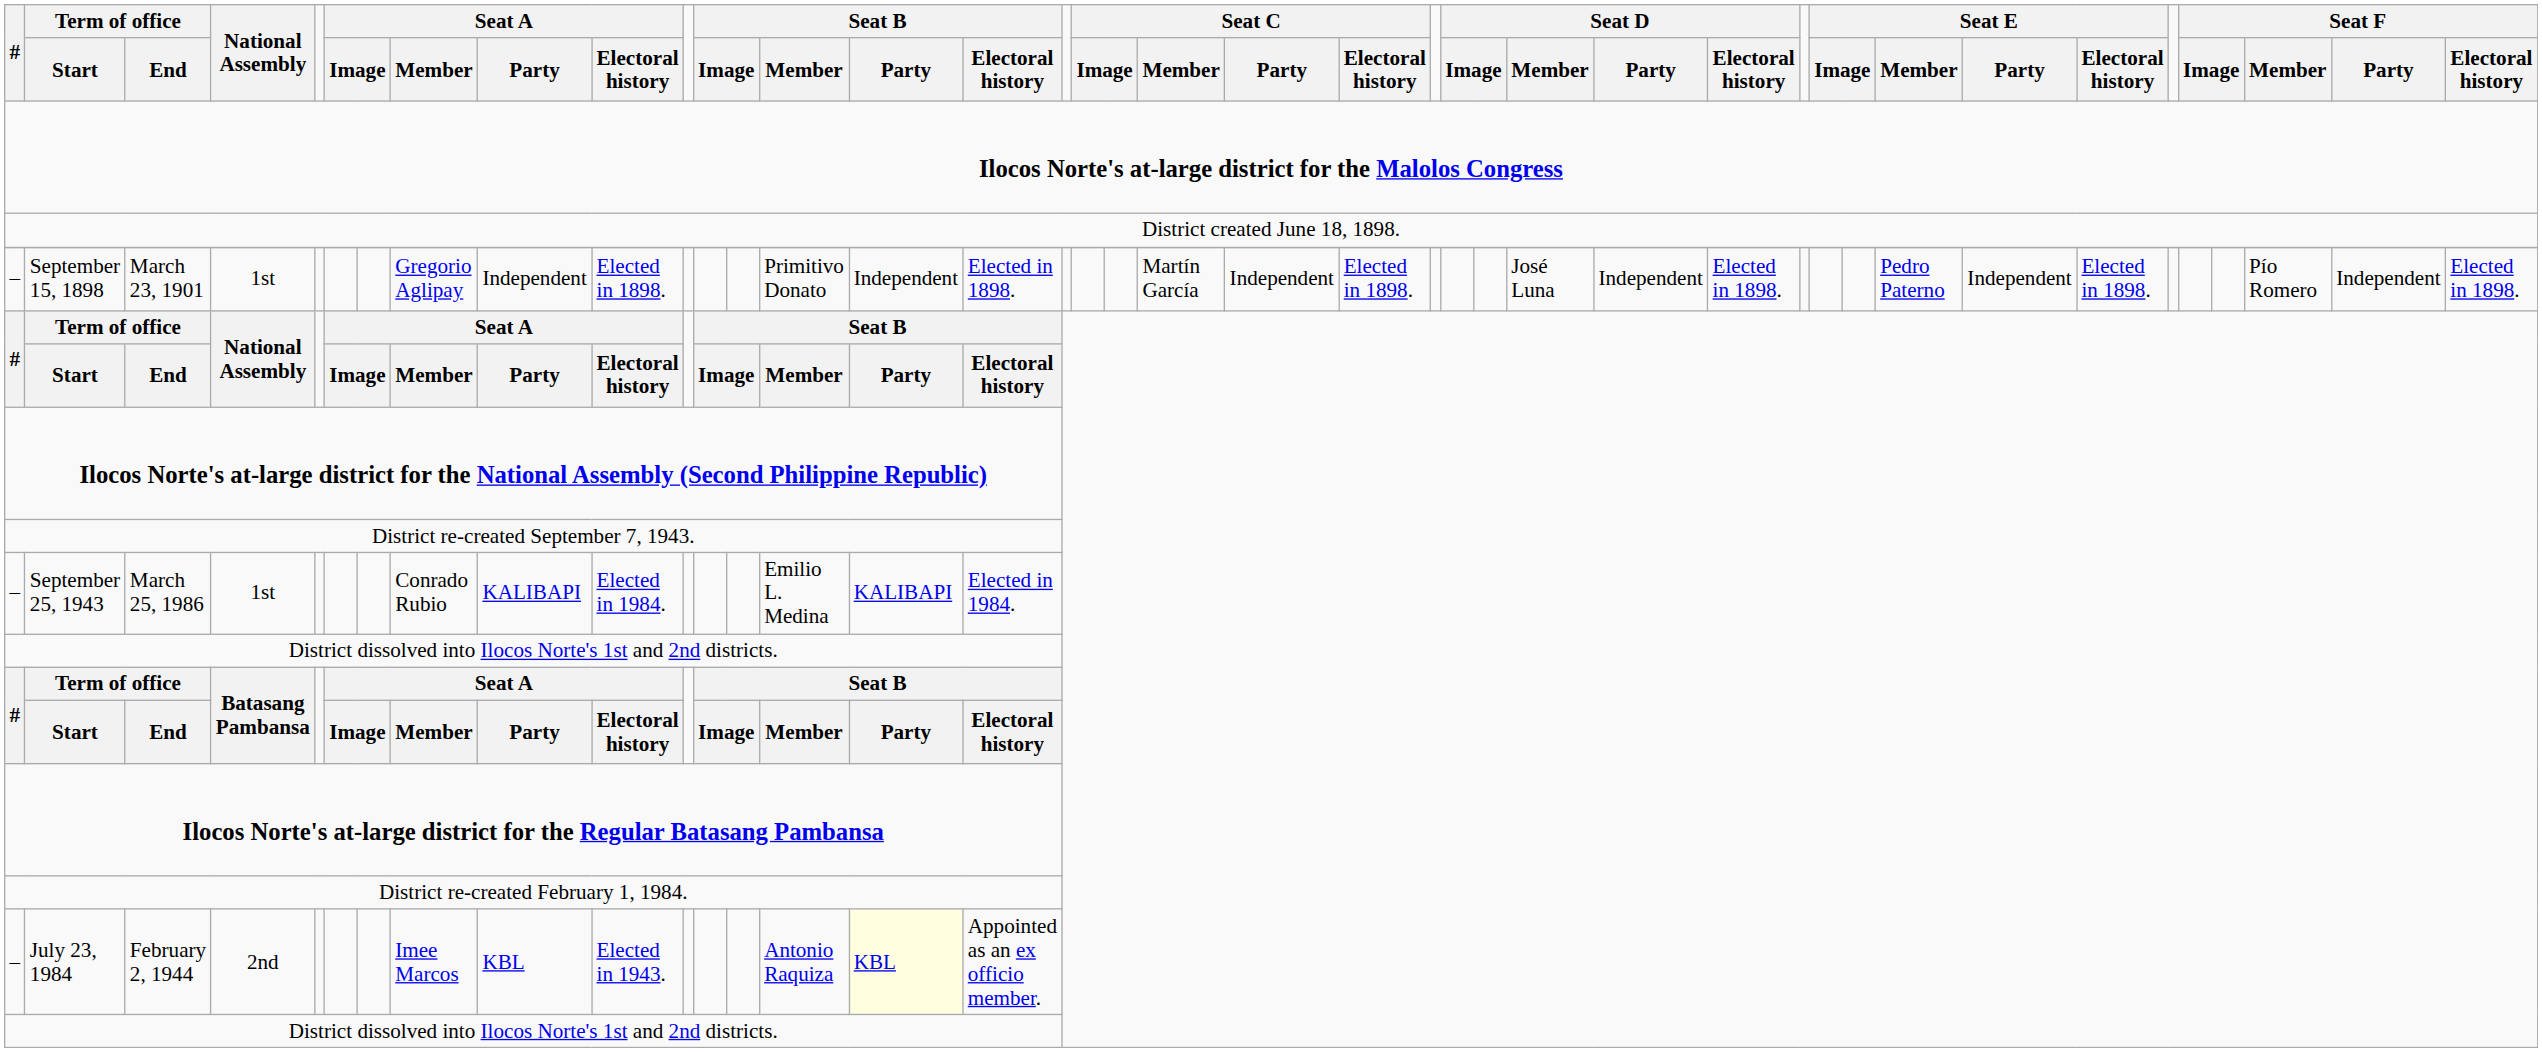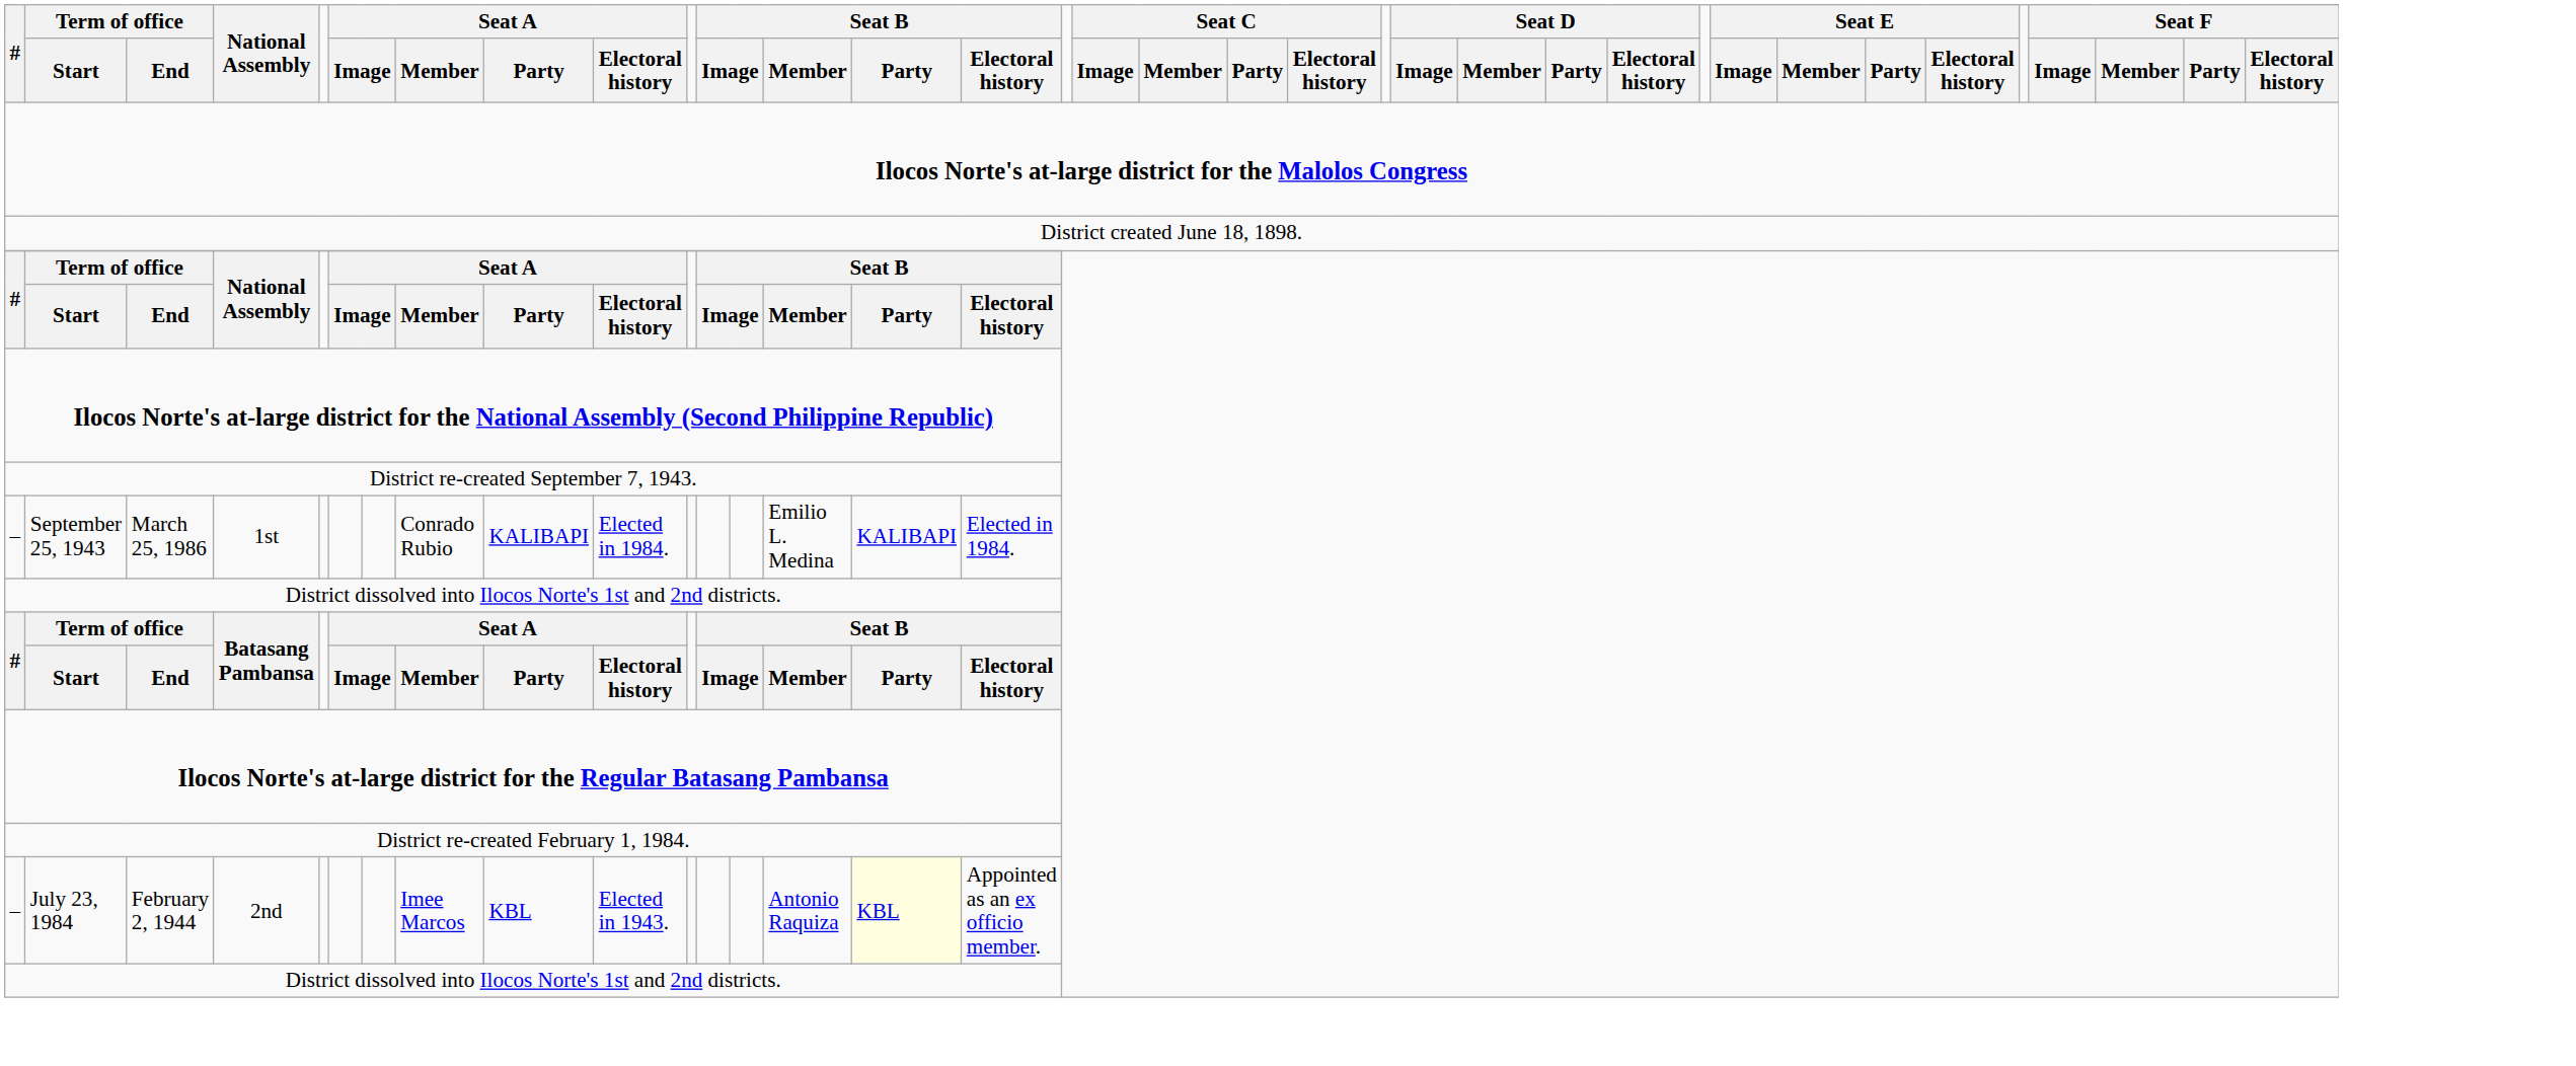 <table class=wikitable>
 <tr>
 <th rowspan=2>#</th>
 <th colspan=2>Term of office</th>
 <th rowspan=2>National<br>Assembly</th>
 <td rowspan=2></td>
 <th colspan=5>Seat A</th>
 <td rowspan=2></td>
 <th colspan=5>Seat B</th>
 <td rowspan=2></td>
 <th colspan=5>Seat C</th>
 <td rowspan=2></td>
 <th colspan=5>Seat D</th>
 <td rowspan=2></td>
 <th colspan=5>Seat E</th>
 <td rowspan=2></td>
 <th colspan=5>Seat F</th>
 </tr>
 <tr style="height:3em">
 <th>Start</th>
 <th>End</th>
 <th colspan="2" style="text-align:center;">Image</th>
 <th>Member</th>
 <th>Party</th>
 <th>Electoral history</th>
 <th colspan="2" style="text-align:center;">Image</th>
 <th>Member</th>
 <th>Party</th>
 <th>Electoral history</th>
 <th colspan="2" style="text-align:center;">Image</th>
 <th>Member</th>
 <th>Party</th>
 <th>Electoral history</th>
 <th colspan="2" style="text-align:center;">Image</th>
 <th>Member</th>
 <th>Party</th>
 <th>Electoral history</th>
 <th colspan="2" style="text-align:center;">Image</th>
 <th>Member</th>
 <th>Party</th>
 <th>Electoral history</th>
 <th colspan="2" style="text-align:center;">Image</th>
 <th>Member</th>
 <th>Party</th>
 <th>Electoral history</th>
 </tr>
 <tr>
 <td colspan="40" style="text-align:center;"><br><h3>Ilocos Norte's at-large district for the <a href='#'>Malolos Congress</a></h3></td>
 </tr>
 <tr>
 <td colspan="40" style="text-align:center;">District created June 18, 1898.</td>
 </tr>
 <tr>
-</tr>
-<tr style="height:3em">
-<td style="text-align:center;">–</td>
-<td>September 15, 1898</td>
-<td>March 23, 1901</td>
-<td style="text-align:center;">1st</td>
-<td></td>
-<td style="background:"></td>
-<td></td>
-<td><a href='#'>Gregorio Aglipay</a></td>
-<td>Independent</td>
-<td><a href='#'>Elected in 1898</a>.</td>
-<td></td>
-<td style="background:"></td>
-<td></td>
-<td>Primitivo Donato</td>
-<td>Independent</td>
-<td><a href='#'>Elected in 1898</a>.</td>
-<td></td>
-<td style="background:"></td>
-<td></td>
-<td>Martín García</td>
-<td>Independent</td>
-<td><a href='#'>Elected in 1898</a>.</td>
-<td></td>
-<td style="background:"></td>
-<td></td>
-<td>José Luna</td>
-<td>Independent</td>
-<td><a href='#'>Elected in 1898</a>.</td>
-<td></td>
-<td style="background:"></td>
-<td></td>
-<td><a href='#'>Pedro Paterno</a></td>
-<td>Independent</td>
-<td><a href='#'>Elected in 1898</a>.</td>
-<td></td>
-<td style="background:"></td>
-<td></td>
-<td>Pío Romero</td>
-<td>Independent</td>
-<td><a href='#'>Elected in 1898</a>.</td>
 </tr>
 <tr>
 <th rowspan=2>#</th>
 <th colspan=2>Term of office</th>
 <th rowspan=2>National<br>Assembly</th>
 <td rowspan=2></td>
 <th colspan=5>Seat A</th>
 <td rowspan=2></td>
 <th colspan=5>Seat B</th>
 </tr>
 <tr style="height:3em">
 <th>Start</th>
 <th>End</th>
 <th colspan="2" style="text-align:center;">Image</th>
 <th>Member</th>
 <th>Party</th>
 <th>Electoral history</th>
 <th colspan="2" style="text-align:center;">Image</th>
 <th>Member</th>
 <th>Party</th>
 <th>Electoral history</th>
 </tr>
 <tr>
 <td colspan="16" style="text-align:center;"><br><h3>Ilocos Norte's at-large district for the <a href='#'>National Assembly (Second Philippine Republic)</a></h3></td>
 </tr>
 <tr>
 <td colspan="16" style="text-align:center;">District re-created September 7, 1943.</td>
 </tr>
 <tr>
 <td style="text-align:center;">–</td>
 <td>September 25, 1943</td>
 <td>March 25, 1986</td>
 <td style="text-align:center;">1st</td>
 <td></td>
 <td style="background:"></td>
 <td></td>
 <td>Conrado Rubio</td>
 <td><a href='#'>KALIBAPI</a></td>
 <td><a href='#'>Elected in 1984</a>.</td>
 <td></td>
 <td style="background:"></td>
 <td></td>
 <td>Emilio L. Medina</td>
 <td><a href='#'>KALIBAPI</a></td>
 <td><a href='#'>Elected in 1984</a>.</td>
 </tr>
 <tr>
 <td colspan="16" style="text-align:center;">District dissolved into <a href='#'>Ilocos Norte's 1st</a> and <a href='#'>2nd</a> districts.</td>
 </tr>
 <tr>
 <th rowspan=2>#</th>
 <th colspan=2>Term of office</th>
 <th rowspan=2>Batasang<br>Pambansa</th>
 <td rowspan=2></td>
 <th colspan=5>Seat A</th>
 <td rowspan=2></td>
 <th colspan=5>Seat B</th>
 </tr>
 <tr style="height:3em">
 <th>Start</th>
 <th>End</th>
 <th colspan="2" style="text-align:center;">Image</th>
 <th>Member</th>
 <th>Party</th>
 <th>Electoral history</th>
 <th colspan="2" style="text-align:center;">Image</th>
 <th>Member</th>
 <th>Party</th>
 <th>Electoral history</th>
 </tr>
 <tr>
 <td colspan="16" style="text-align:center;"><br><h3>Ilocos Norte's at-large district for the <a href='#'>Regular Batasang Pambansa</a></h3></td>
 </tr>
 <tr>
 <td colspan="16" style="text-align:center;">District re-created February 1, 1984.</td>
 </tr>
 <tr style="height:3em">
 <td style="text-align:center;">–</td>
 <td>July 23, 1984</td>
 <td>February 2, 1944</td>
 <td style="text-align:center;">2nd</td>
 <td></td>
 <td style="background:"></td>
 <td></td>
 <td><a href='#'>Imee Marcos</a></td>
 <td><a href='#'>KBL</a></td>
 <td><a href='#'>Elected in 1943</a>.</td>
 <td></td>
 <td style="background:"></td>
 <td></td>
 <td><a href='#'>Antonio Raquiza</a></td>
 <td style="background: lightyellow;"><a href='#'>KBL</a></td>
 <td>Appointed as an <a href='#'>ex officio member</a>.</td>
 </tr>
 <tr>
 <td colspan="16" style="text-align:center;">District dissolved into <a href='#'>Ilocos Norte's 1st</a> and <a href='#'>2nd</a> districts.</td>
 </tr>
 </table>
